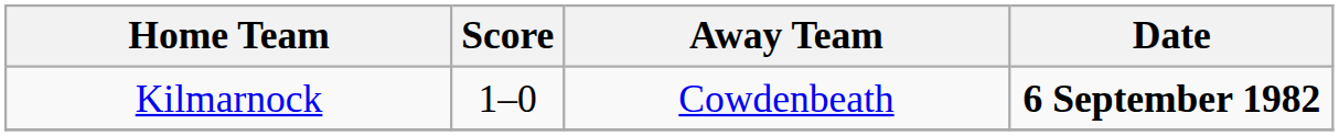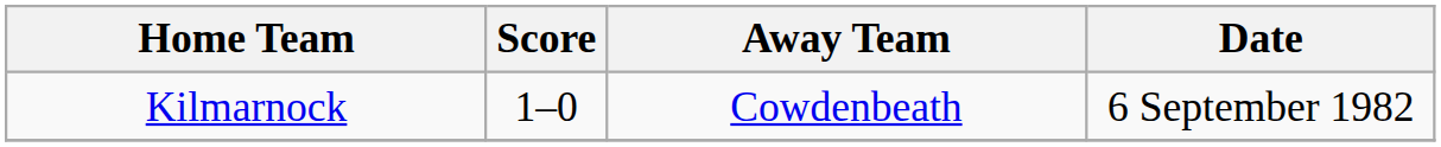 <table class="wikitable" style="text-align:center;">
 <tr>
 <th width=175>Home Team</th>
 <th width=20>Score</th>
 <th width=175>Away Team</th>
 <th width= 125>Date</th>
 </tr>
 <tr>
 <td><a href='#'>Kilmarnock</a></td>
 <td>1–0</td>
 <td><a href='#'>Cowdenbeath</a></td>
-<td><strong>6 September 1982</strong></td>
+<td>6 September 1982</td>
 </tr>
 <tr>
 </tr>
 </table>
